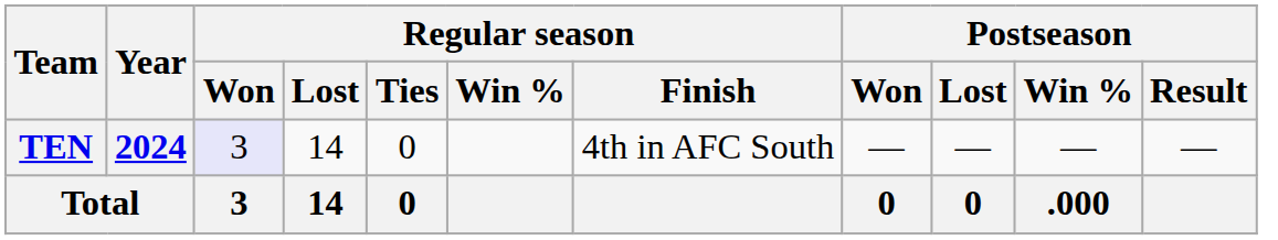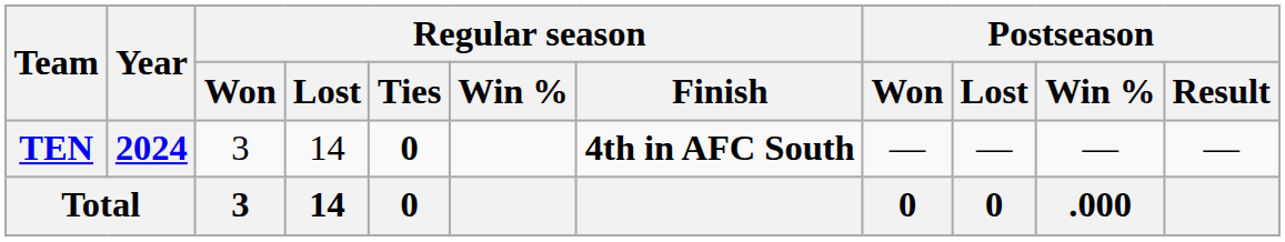 <table class="wikitable" style="text-align:center;">
 <tr>
 <th rowspan="2">Team</th>
 <th rowspan="2">Year</th>
 <th colspan="5">Regular season</th>
 <th colspan="4">Postseason</th>
 </tr>
 <tr>
 <th>Won</th>
 <th>Lost</th>
 <th>Ties</th>
 <th>Win %</th>
 <th>Finish</th>
 <th>Won</th>
 <th>Lost</th>
 <th>Win %</th>
 <th>Result</th>
 </tr>
 <tr>
 <th><a href='#'>TEN</a></th>
 <th><a href='#'>2024</a></th>
-<td style="background: lavender;">3</td>
+<td>3</td>
 <td>14</td>
-<td>0</td>
+<td><strong>0</strong></td>
 <td></td>
-<td>4th in AFC South</td>
+<td><strong>4th in AFC South</strong></td>
 <td>—</td>
 <td>—</td>
 <td>—</td>
 <td>—</td>
 </tr>
 <tr>
 <th colspan="2">Total</th>
 <th>3</th>
 <th>14</th>
 <th>0</th>
 <th></th>
 <th></th>
 <th>0</th>
 <th>0</th>
 <th>.000</th>
 <th></th>
 </tr>
 </table>
